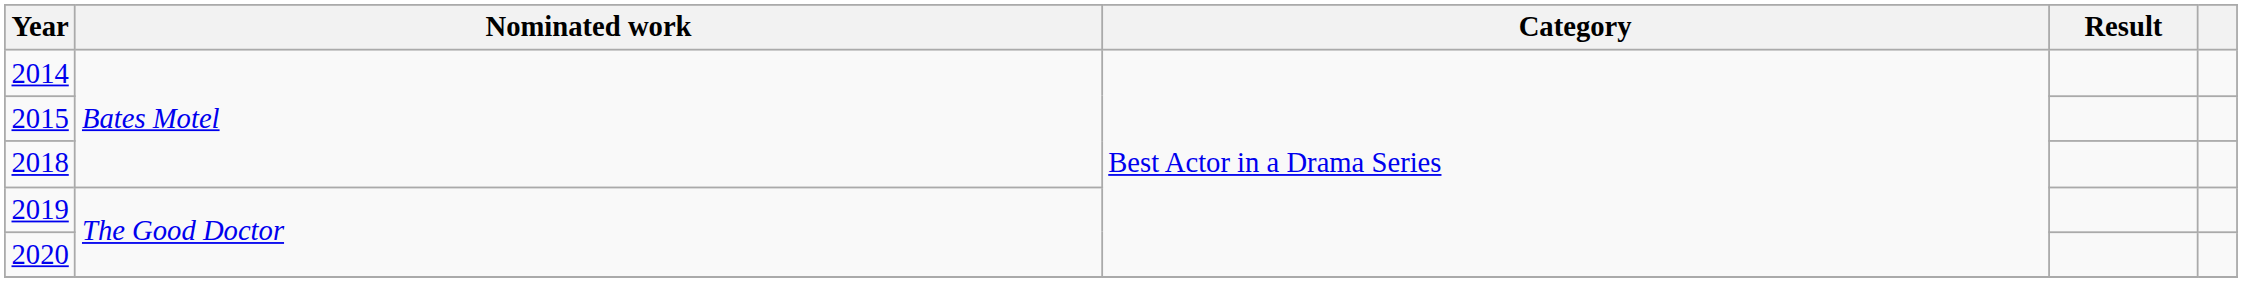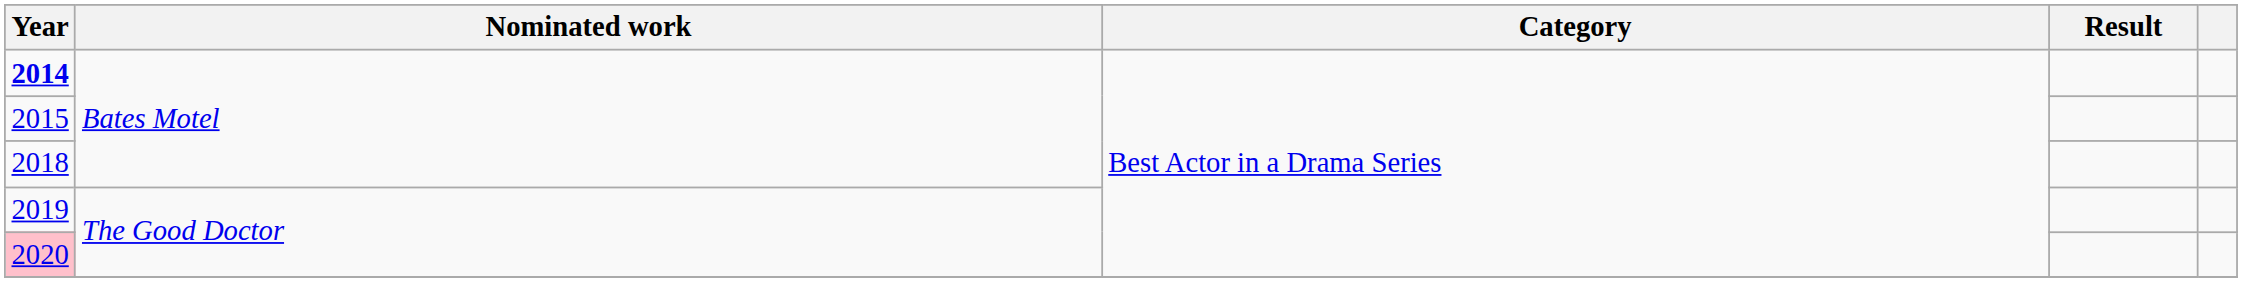 <table class="wikitable">
 <tr>
 <th scope="col" style="width:1em;">Year</th>
 <th scope="col" style="width:39em;">Nominated work</th>
 <th scope="col" style="width:36em;">Category</th>
 <th scope="col" style="width:5em;">Result</th>
 <th scope="col" style="width:1em;"></th>
 </tr>
 <tr>
-<td><a href='#'>2014</a></td>
+<td><strong><a href='#'>2014</a></strong></td>
 <td rowspan="3"><em><a href='#'>Bates Motel</a></em></td>
 <td rowspan="5"><a href='#'>Best Actor in a Drama Series</a></td>
 <td></td>
 <td></td>
 </tr>
 <tr>
 <td><a href='#'>2015</a></td>
 <td></td>
 <td></td>
 </tr>
 <tr>
 <td><a href='#'>2018</a></td>
 <td></td>
 <td></td>
 </tr>
 <tr>
 <td><a href='#'>2019</a></td>
 <td rowspan="2"><em><a href='#'>The Good Doctor</a></em></td>
 <td></td>
 <td></td>
 </tr>
 <tr>
-<td><a href='#'>2020</a></td>
+<td style="background: pink;"><a href='#'>2020</a></td>
 <td></td>
 <td></td>
 </tr>
 <tr>
 </tr>
 </table>
